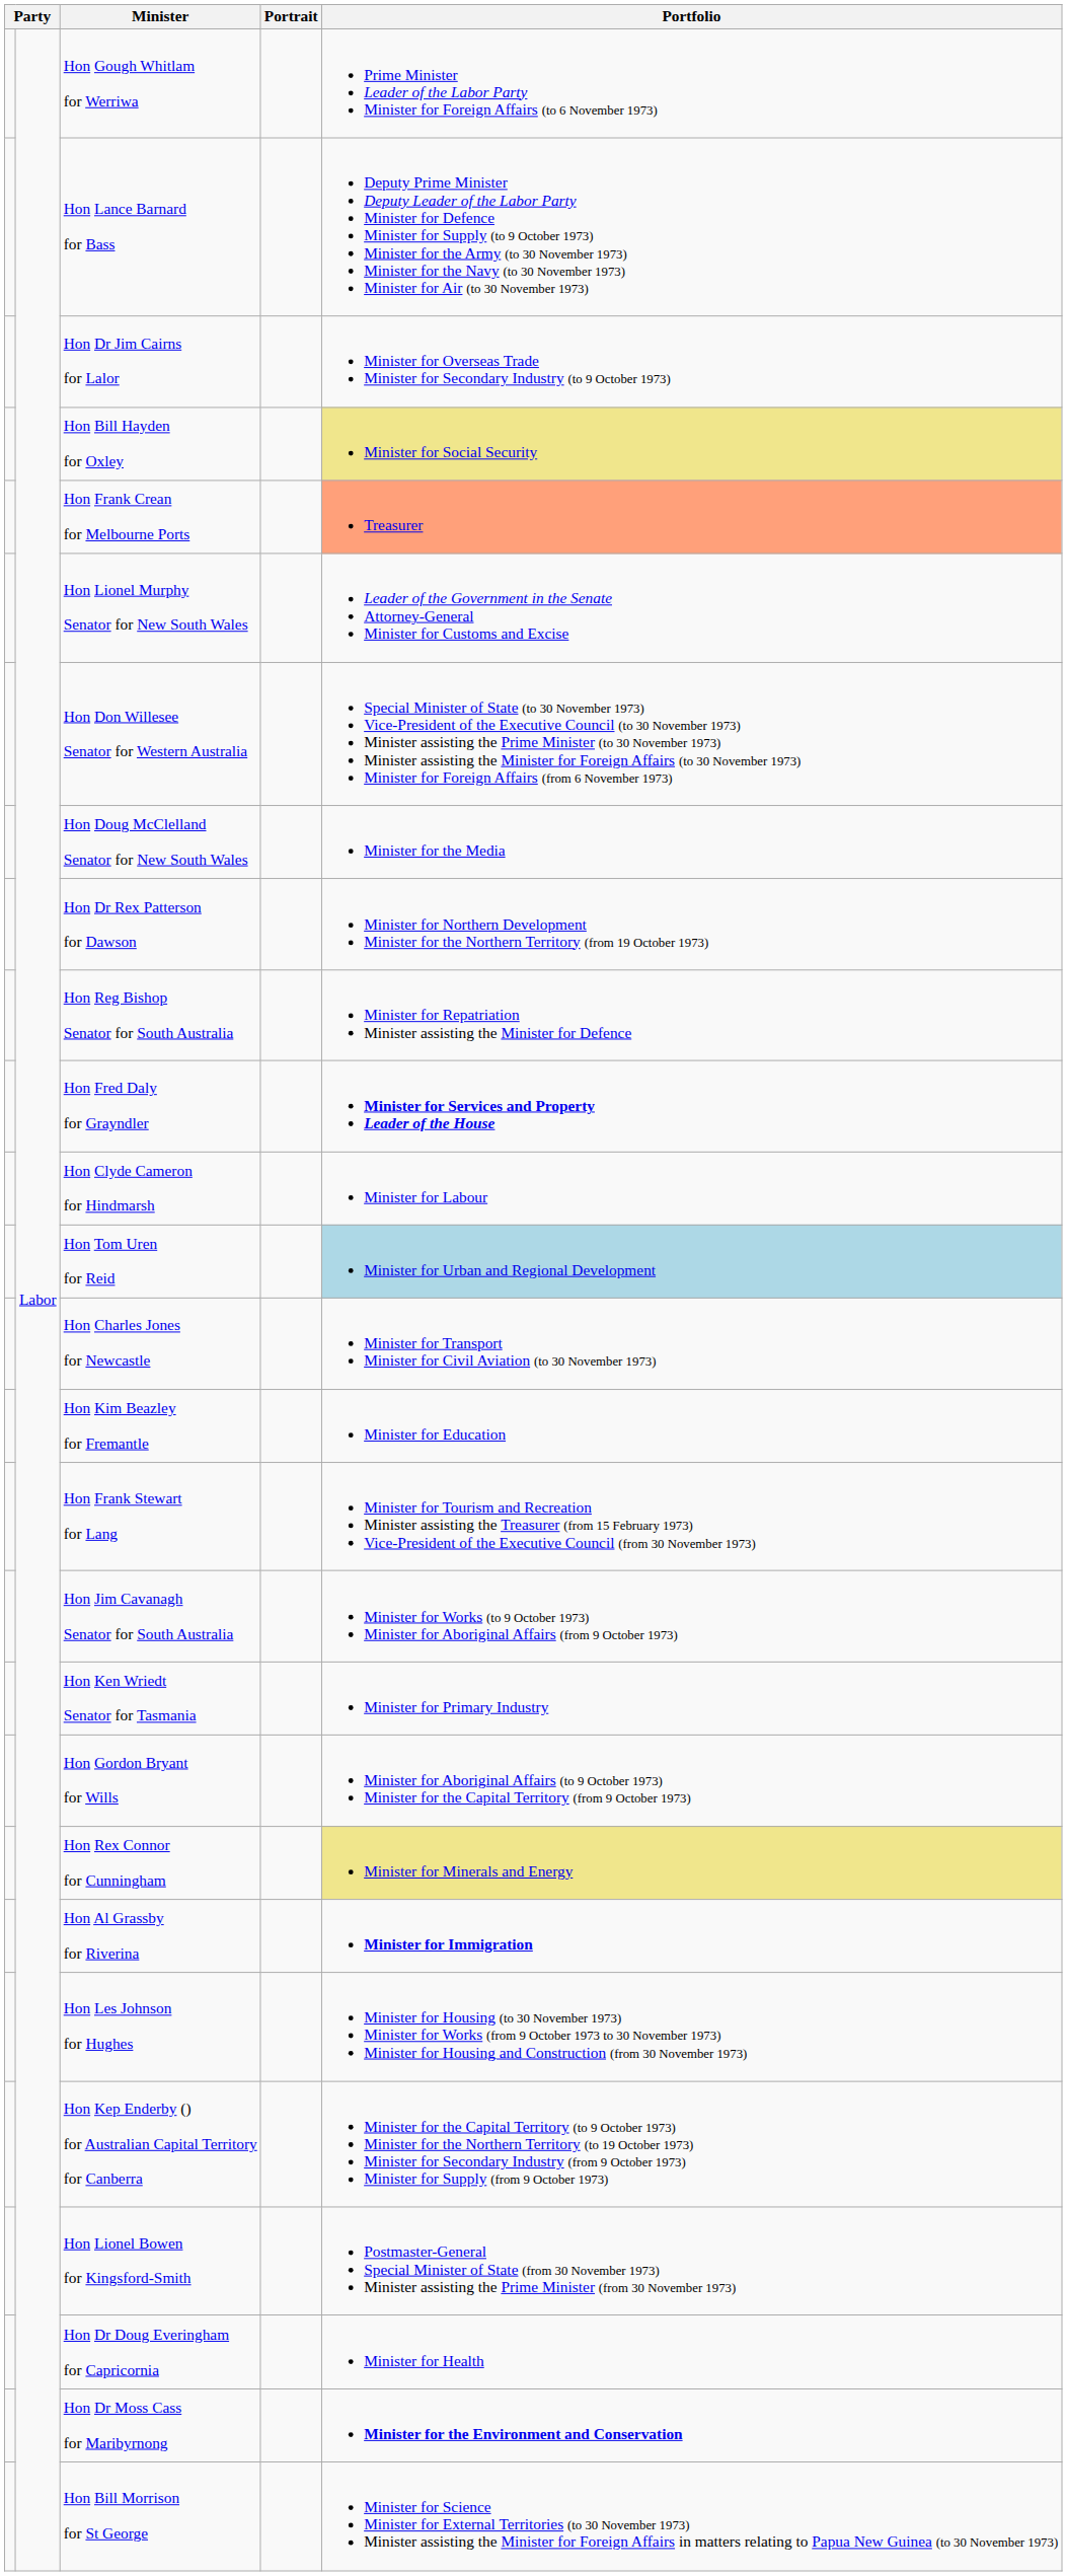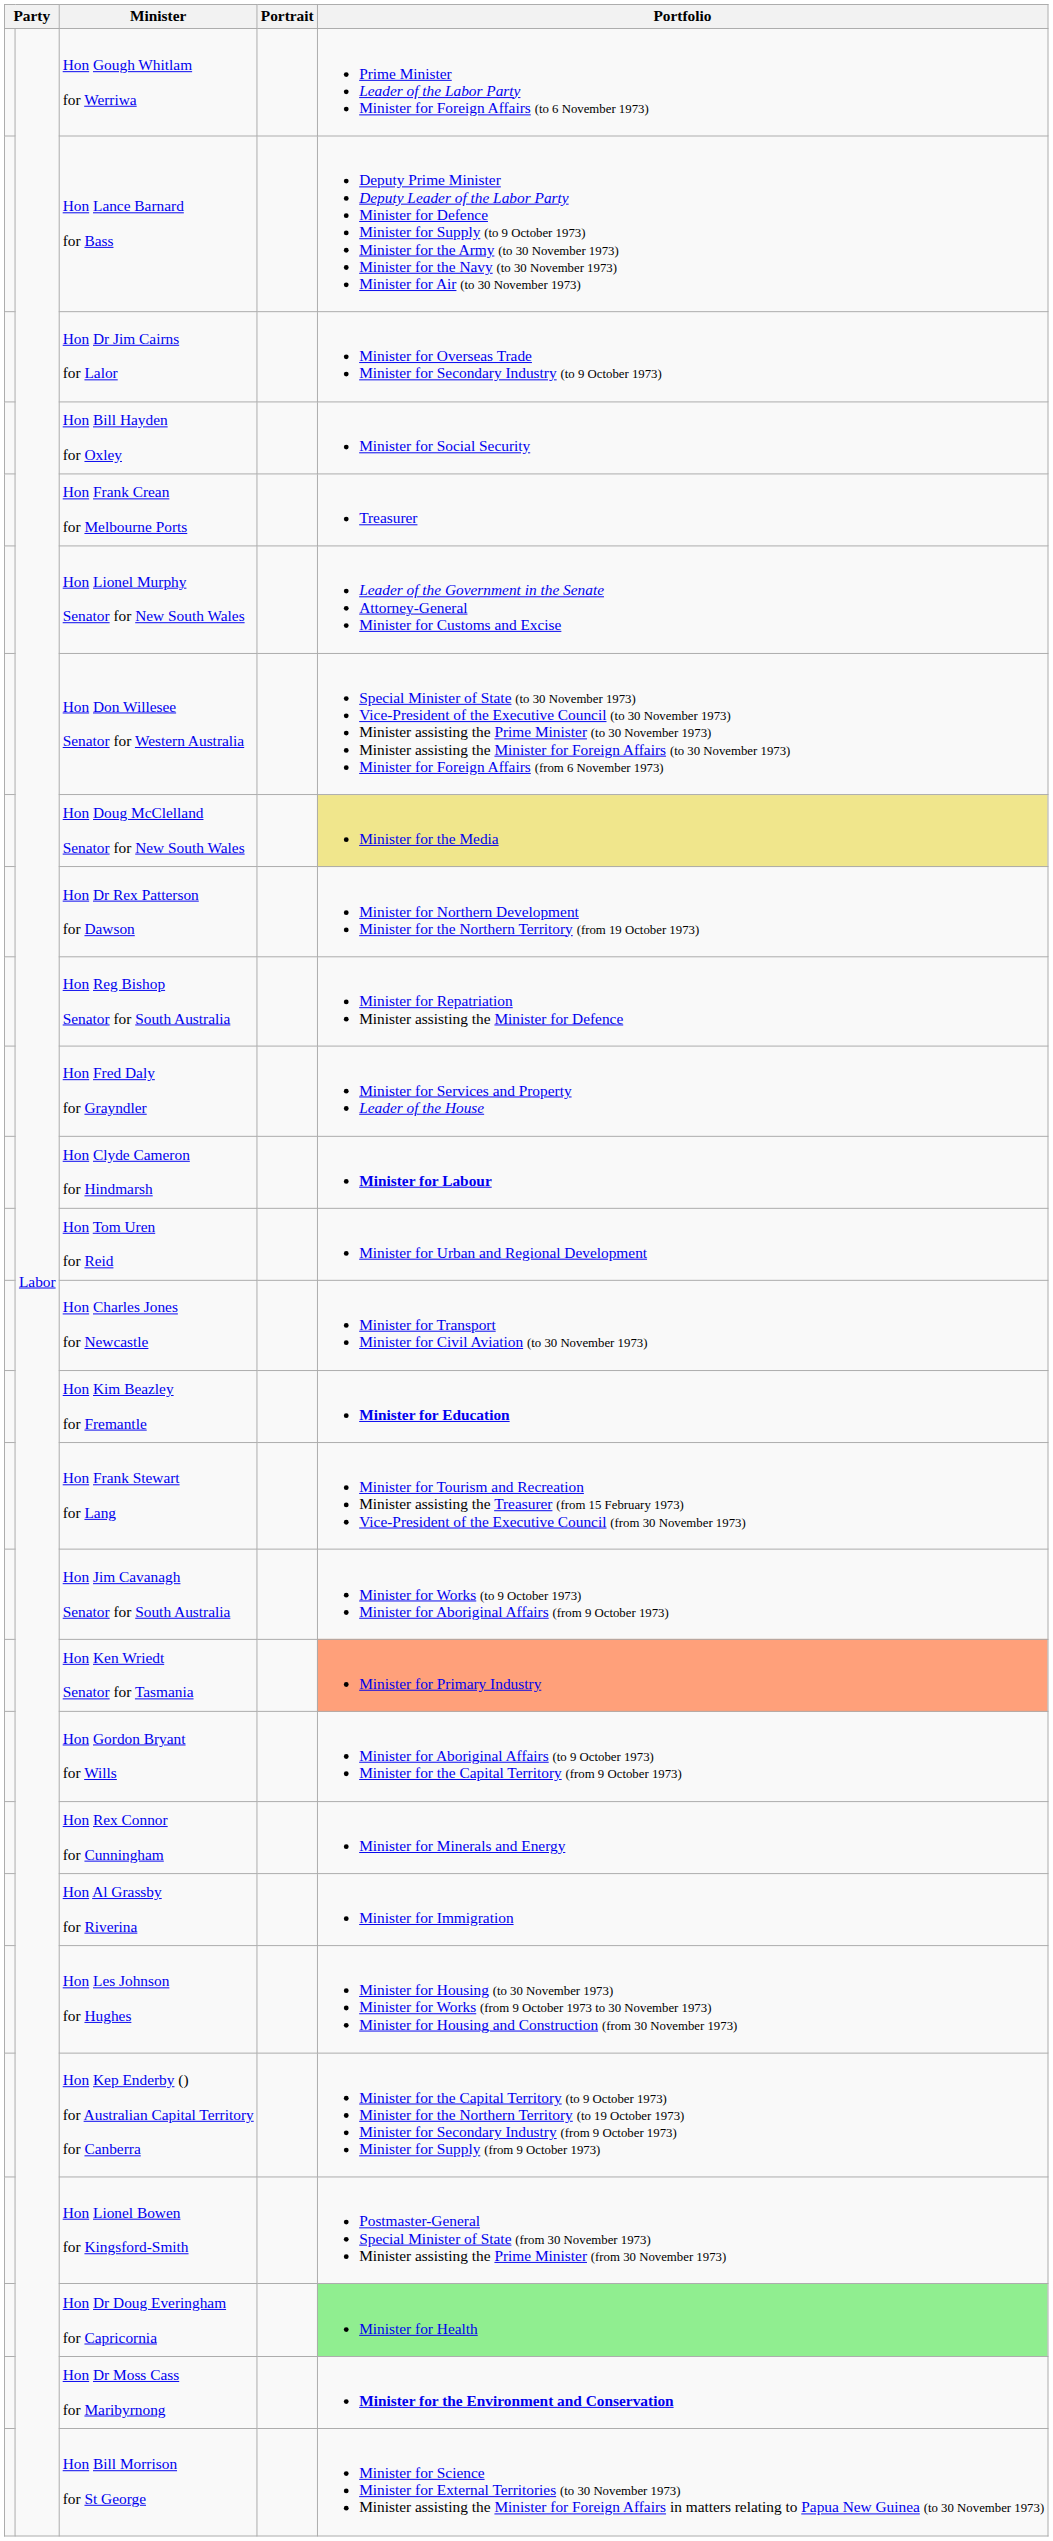 <table class="wikitable sortable">
 <tr>
 <th colspan="2">Party</th>
 <th>Minister</th>
 <th>Portrait</th>
 <th>Portfolio</th>
 </tr>
 <tr>
 <td> </td>
 <td rowspan=27><a href='#'>Labor</a></td>
 <td><a href='#'>Hon</a> <a href='#'>Gough Whitlam</a>  <br><br> for <a href='#'>Werriwa</a> <br></td>
 <td></td>
 <td><br><ul><li><a href='#'>Prime Minister</a></li><li><em><a href='#'>Leader of the Labor Party</a></em></li><li><a href='#'>Minister for Foreign Affairs</a> <small>(to 6 November 1973)</small></li></ul></td>
 </tr>
 <tr>
 <td> </td>
 <td><a href='#'>Hon</a> <a href='#'>Lance Barnard</a> <br><br> for <a href='#'>Bass</a> <br></td>
 <td></td>
 <td><br><ul><li><a href='#'>Deputy Prime Minister</a></li><li><em><a href='#'>Deputy Leader of the Labor Party</a></em></li><li><a href='#'>Minister for Defence</a></li><li><a href='#'>Minister for Supply</a> <small>(to 9 October 1973)</small></li><li><a href='#'>Minister for the Army</a> <small>(to 30 November 1973)</small></li><li><a href='#'>Minister for the Navy</a> <small>(to 30 November 1973)</small></li><li><a href='#'>Minister for Air</a> <small>(to 30 November 1973)</small></li></ul></td>
 </tr>
 <tr>
 <td> </td>
 <td><a href='#'>Hon</a> <a href='#'>Dr Jim Cairns</a> <br><br> for <a href='#'>Lalor</a> <br></td>
 <td></td>
 <td><br><ul><li><a href='#'>Minister for Overseas Trade</a></li><li><a href='#'>Minister for Secondary Industry</a> <small>(to 9 October 1973)</small></li></ul></td>
 </tr>
 <tr>
 <td> </td>
 <td><a href='#'>Hon</a> <a href='#'>Bill Hayden</a> <br><br> for <a href='#'>Oxley</a> <br></td>
 <td></td>
-<td style="background: khaki;"><br><ul><li><a href='#'>Minister for Social Security</a></li></ul></td>
+<td><br><ul><li><a href='#'>Minister for Social Security</a></li></ul></td>
 </tr>
 <tr>
 <td> </td>
 <td><a href='#'>Hon</a> <a href='#'>Frank Crean</a> <br><br> for <a href='#'>Melbourne Ports</a> <br></td>
 <td></td>
-<td style="background: lightsalmon;"><br><ul><li><a href='#'>Treasurer</a></li></ul></td>
+<td><br><ul><li><a href='#'>Treasurer</a></li></ul></td>
 </tr>
 <tr>
 <td> </td>
 <td><a href='#'>Hon</a> <a href='#'>Lionel Murphy</a>  <br><br><a href='#'>Senator</a> for <a href='#'>New South Wales</a> <br></td>
 <td></td>
 <td><br><ul><li><em><a href='#'>Leader of the Government in the Senate</a></em></li><li><a href='#'>Attorney-General</a></li><li><a href='#'>Minister for Customs and Excise</a></li></ul></td>
 </tr>
 <tr>
 <td> </td>
 <td><a href='#'>Hon</a> <a href='#'>Don Willesee</a> <br><br><a href='#'>Senator</a> for <a href='#'>Western Australia</a> <br></td>
 <td></td>
 <td><br><ul><li><a href='#'>Special Minister of State</a> <small>(to 30 November 1973)</small></li><li><a href='#'>Vice-President of the Executive Council</a> <small>(to 30 November 1973)</small></li><li>Minister assisting the <a href='#'>Prime Minister</a> <small>(to 30 November 1973)</small></li><li>Minister assisting the <a href='#'>Minister for Foreign Affairs</a> <small>(to 30 November 1973)</small></li><li><a href='#'>Minister for Foreign Affairs</a> <small>(from 6 November 1973)</small></li></ul></td>
 </tr>
 <tr>
 <td> </td>
 <td><a href='#'>Hon</a> <a href='#'>Doug McClelland</a> <br><br><a href='#'>Senator</a> for <a href='#'>New South Wales</a> <br></td>
 <td></td>
-<td><br><ul><li><a href='#'>Minister for the Media</a></li></ul></td>
+<td style="background: khaki;"><br><ul><li><a href='#'>Minister for the Media</a></li></ul></td>
 </tr>
 <tr>
 <td> </td>
 <td><a href='#'>Hon</a> <a href='#'>Dr Rex Patterson</a> <br><br> for <a href='#'>Dawson</a> <br></td>
 <td></td>
 <td><br><ul><li><a href='#'>Minister for Northern Development</a></li><li><a href='#'>Minister for the Northern Territory</a> <small>(from 19 October 1973)</small></li></ul></td>
 </tr>
 <tr>
 <td> </td>
 <td><a href='#'>Hon</a> <a href='#'>Reg Bishop</a> <br><br><a href='#'>Senator</a> for <a href='#'>South Australia</a> <br></td>
 <td></td>
 <td><br><ul><li><a href='#'>Minister for Repatriation</a></li><li>Minister assisting the <a href='#'>Minister for Defence</a></li></ul></td>
 </tr>
 <tr>
 <td> </td>
 <td><a href='#'>Hon</a> <a href='#'>Fred Daly</a> <br><br> for <a href='#'>Grayndler</a> <br></td>
 <td></td>
-<td><strong><br><ul><li><a href='#'>Minister for Services and Property</a></li><li><em><a href='#'>Leader of the House</a></em></li></ul></strong></td>
+<td><br><ul><li><a href='#'>Minister for Services and Property</a></li><li><em><a href='#'>Leader of the House</a></em></li></ul></td>
 </tr>
 <tr>
 <td> </td>
 <td><a href='#'>Hon</a> <a href='#'>Clyde Cameron</a> <br><br> for <a href='#'>Hindmarsh</a> <br></td>
 <td></td>
-<td><br><ul><li><a href='#'>Minister for Labour</a></li></ul></td>
+<td><strong><br><ul><li><a href='#'>Minister for Labour</a></li></ul></strong></td>
 </tr>
 <tr>
 <td> </td>
 <td><a href='#'>Hon</a> <a href='#'>Tom Uren</a> <br><br> for <a href='#'>Reid</a> <br></td>
 <td></td>
-<td style="background: lightblue;"><br><ul><li><a href='#'>Minister for Urban and Regional Development</a></li></ul></td>
+<td><br><ul><li><a href='#'>Minister for Urban and Regional Development</a></li></ul></td>
 </tr>
 <tr>
 <td> </td>
 <td><a href='#'>Hon</a> <a href='#'>Charles Jones</a> <br><br> for <a href='#'>Newcastle</a> <br></td>
 <td></td>
 <td><br><ul><li><a href='#'>Minister for Transport</a></li><li><a href='#'>Minister for Civil Aviation</a> <small>(to 30 November 1973)</small></li></ul></td>
 </tr>
 <tr>
 <td> </td>
 <td><a href='#'>Hon</a> <a href='#'>Kim Beazley</a> <br><br> for <a href='#'>Fremantle</a> <br></td>
 <td></td>
-<td><br><ul><li><a href='#'>Minister for Education</a></li></ul></td>
+<td><strong><br><ul><li><a href='#'>Minister for Education</a></li></ul></strong></td>
 </tr>
 <tr>
 <td> </td>
 <td><a href='#'>Hon</a> <a href='#'>Frank Stewart</a> <br><br> for <a href='#'>Lang</a> <br></td>
 <td></td>
 <td><br><ul><li><a href='#'>Minister for Tourism and Recreation</a></li><li>Minister assisting the <a href='#'>Treasurer</a> <small>(from 15 February 1973)</small></li><li><a href='#'>Vice-President of the Executive Council</a> <small>(from 30 November 1973)</small></li></ul></td>
 </tr>
 <tr>
 <td> </td>
 <td><a href='#'>Hon</a> <a href='#'>Jim Cavanagh</a> <br><br><a href='#'>Senator</a> for <a href='#'>South Australia</a> <br></td>
 <td></td>
 <td><br><ul><li><a href='#'>Minister for Works</a> <small>(to 9 October 1973)</small></li><li><a href='#'>Minister for Aboriginal Affairs</a> <small>(from 9 October 1973)</small></li></ul></td>
 </tr>
 <tr>
 <td> </td>
 <td><a href='#'>Hon</a> <a href='#'>Ken Wriedt</a> <br><br><a href='#'>Senator</a> for <a href='#'>Tasmania</a> <br></td>
 <td></td>
-<td><br><ul><li><a href='#'>Minister for Primary Industry</a></li></ul></td>
+<td style="background: lightsalmon;"><br><ul><li><a href='#'>Minister for Primary Industry</a></li></ul></td>
 </tr>
 <tr>
 <td> </td>
 <td><a href='#'>Hon</a> <a href='#'>Gordon Bryant</a> <br><br> for <a href='#'>Wills</a> <br></td>
 <td></td>
 <td><br><ul><li><a href='#'>Minister for Aboriginal Affairs</a> <small>(to 9 October 1973)</small></li><li><a href='#'>Minister for the Capital Territory</a> <small>(from 9 October 1973)</small></li></ul></td>
 </tr>
 <tr>
 <td> </td>
 <td><a href='#'>Hon</a> <a href='#'>Rex Connor</a> <br><br> for <a href='#'>Cunningham</a> <br></td>
 <td></td>
-<td style="background: khaki;"><br><ul><li><a href='#'>Minister for Minerals and Energy</a></li></ul></td>
+<td><br><ul><li><a href='#'>Minister for Minerals and Energy</a></li></ul></td>
 </tr>
 <tr>
 <td> </td>
 <td><a href='#'>Hon</a> <a href='#'>Al Grassby</a> <br><br> for <a href='#'>Riverina</a> <br></td>
 <td></td>
-<td><strong><br><ul><li><a href='#'>Minister for Immigration</a></li></ul></strong></td>
+<td><br><ul><li><a href='#'>Minister for Immigration</a></li></ul></td>
 </tr>
 <tr>
 <td> </td>
 <td><a href='#'>Hon</a> <a href='#'>Les Johnson</a> <br><br> for <a href='#'>Hughes</a> <br></td>
 <td></td>
 <td><br><ul><li><a href='#'>Minister for Housing</a> <small>(to 30 November 1973)</small></li><li><a href='#'>Minister for Works</a> <small>(from 9 October 1973 to 30 November 1973)</small></li><li><a href='#'>Minister for Housing and Construction</a> <small>(from 30 November 1973)</small></li></ul></td>
 </tr>
 <tr>
 <td> </td>
 <td><a href='#'>Hon</a> <a href='#'>Kep Enderby</a> () <br><br> for <a href='#'>Australian Capital Territory</a> <br><br> for <a href='#'>Canberra</a> <br></td>
 <td></td>
 <td><br><ul><li><a href='#'>Minister for the Capital Territory</a> <small>(to 9 October 1973)</small></li><li><a href='#'>Minister for the Northern Territory</a> <small>(to 19 October 1973)</small></li><li><a href='#'>Minister for Secondary Industry</a> <small>(from 9 October 1973)</small></li><li><a href='#'>Minister for Supply</a> <small>(from 9 October 1973)</small></li></ul></td>
 </tr>
 <tr>
 <td> </td>
 <td><a href='#'>Hon</a> <a href='#'>Lionel Bowen</a> <br><br> for <a href='#'>Kingsford-Smith</a> <br></td>
 <td></td>
 <td><br><ul><li><a href='#'>Postmaster-General</a></li><li><a href='#'>Special Minister of State</a> <small>(from 30 November 1973)</small></li><li>Minister assisting the <a href='#'>Prime Minister</a> <small>(from 30 November 1973)</small></li></ul></td>
 </tr>
 <tr>
 <td> </td>
 <td><a href='#'>Hon</a> <a href='#'>Dr Doug Everingham</a> <br><br> for <a href='#'>Capricornia</a> <br></td>
 <td></td>
-<td><br><ul><li><a href='#'>Minister for Health</a></li></ul></td>
+<td style="background: lightgreen;"><br><ul><li><a href='#'>Minister for Health</a></li></ul></td>
 </tr>
 <tr>
 <td> </td>
 <td><a href='#'>Hon</a> <a href='#'>Dr Moss Cass</a> <br><br> for <a href='#'>Maribyrnong</a> <br></td>
 <td></td>
 <td><strong><br><ul><li><a href='#'>Minister for the Environment and Conservation</a></li></ul></strong></td>
 </tr>
 <tr>
 <td> </td>
 <td><a href='#'>Hon</a> <a href='#'>Bill Morrison</a> <br><br> for <a href='#'>St George</a> <br></td>
 <td></td>
 <td><br><ul><li><a href='#'>Minister for Science</a></li><li><a href='#'>Minister for External Territories</a> <small>(to 30 November 1973)</small></li><li>Minister assisting the <a href='#'>Minister for Foreign Affairs</a> in matters relating to <a href='#'>Papua New Guinea</a> <small>(to 30 November 1973)</small></li></ul></td>
 </tr>
 </table>
